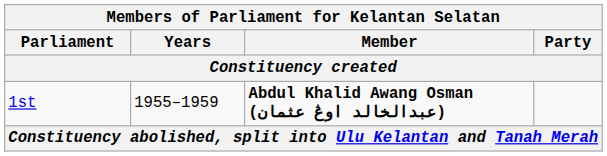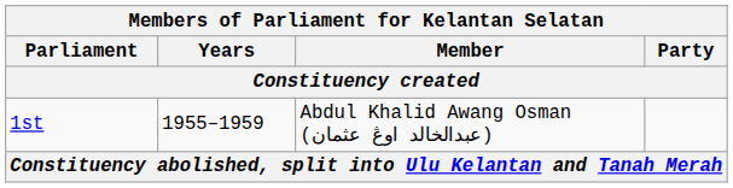 <table class="wikitable">
 <tr>
 <th colspan="4">Members of Parliament for Kelantan Selatan</th>
 </tr>
 <tr>
 <th>Parliament</th>
 <th>Years</th>
 <th>Member</th>
 <th>Party</th>
 </tr>
 <tr>
 <th colspan="4"><em>Constituency created</em></th>
 </tr>
 <tr>
 <td><a href='#'>1st</a></td>
 <td>1955–1959</td>
-<td><strong>Abdul Khalid Awang Osman  <br> (عبدالخالد اوڠ عثمان)</strong></td>
+<td>Abdul Khalid Awang Osman  <br> (عبدالخالد اوڠ عثمان)</td>
 <td></td>
 </tr>
 <tr>
 <th colspan="4"><em>Constituency abolished, split into <a href='#'>Ulu Kelantan</a> and <a href='#'>Tanah Merah</a></em></th>
 </tr>
 </table>
